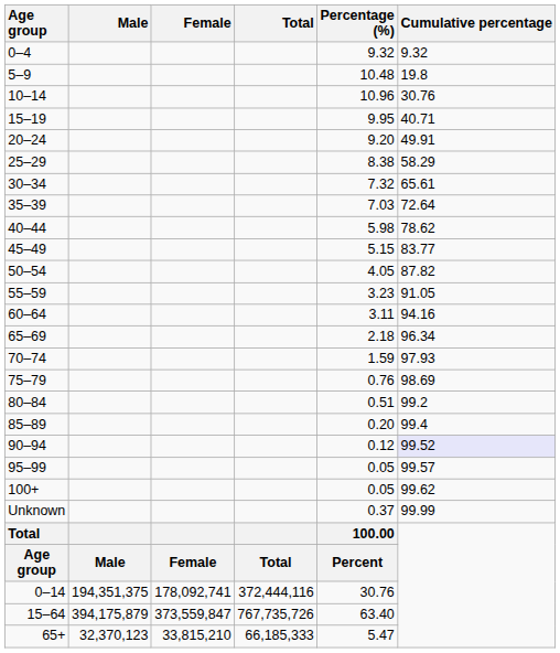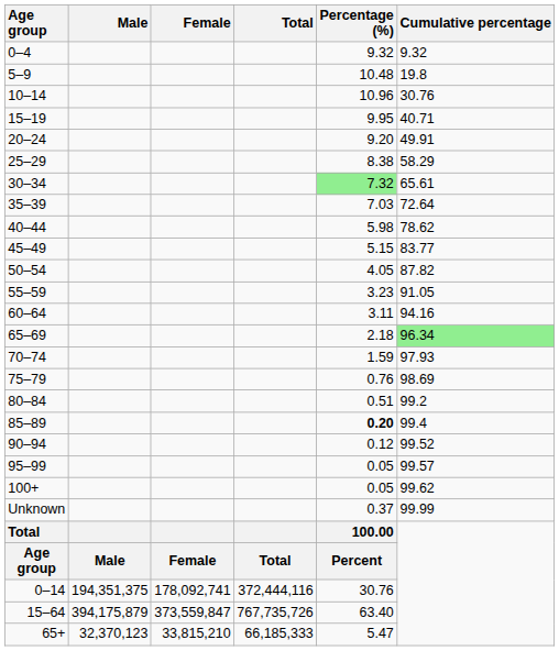 <table class="wikitable sortable">
 <tr>
 <th scope="col" style="text-align: left;">Age group</th>
 <th scope="col" style="text-align: right;" data-sort-type="number">Male</th>
 <th scope="col" style="text-align: right;" data-sort-type="number">Female</th>
 <th scope="col" style="text-align: right;" data-sort-type="number">Total</th>
 <th scope="col" style="text-align: right;" data-sort-type="number">Percentage (%)</th>
 <th>Cumulative percentage</th>
 </tr>
 <tr>
 <td>0–4</td>
 <td style="text-align: right;"></td>
 <td style="text-align: right;"></td>
 <td style="text-align: right;"></td>
 <td style="text-align: right;">9.32</td>
 <td>9.32</td>
 </tr>
 <tr>
 <td>5–9</td>
 <td style="text-align: right;"></td>
 <td style="text-align: right;"></td>
 <td style="text-align: right;"></td>
 <td style="text-align: right;">10.48</td>
 <td>19.8</td>
 </tr>
 <tr>
 <td>10–14</td>
 <td style="text-align: right;"></td>
 <td style="text-align: right;"></td>
 <td style="text-align: right;"></td>
 <td style="text-align: right;">10.96</td>
 <td>30.76</td>
 </tr>
 <tr>
 <td>15–19</td>
 <td style="text-align: right;"></td>
 <td style="text-align: right;"></td>
 <td style="text-align: right;"></td>
 <td style="text-align: right;">9.95</td>
 <td>40.71</td>
 </tr>
 <tr>
 <td>20–24</td>
 <td style="text-align: right;"></td>
 <td style="text-align: right;"></td>
 <td style="text-align: right;"></td>
 <td style="text-align: right;">9.20</td>
 <td>49.91</td>
 </tr>
 <tr>
 <td>25–29</td>
 <td style="text-align: right;"></td>
 <td style="text-align: right;"></td>
 <td style="text-align: right;"></td>
 <td style="text-align: right;">8.38</td>
 <td>58.29</td>
 </tr>
 <tr>
 <td>30–34</td>
 <td style="text-align: right;"></td>
 <td style="text-align: right;"></td>
 <td style="text-align: right;"></td>
-<td style="text-align: right;">7.32</td>
+<td style="background: lightgreen; text-align: right;">7.32</td>
 <td>65.61</td>
 </tr>
 <tr>
 <td>35–39</td>
 <td style="text-align: right;"></td>
 <td style="text-align: right;"></td>
 <td style="text-align: right;"></td>
 <td style="text-align: right;">7.03</td>
 <td>72.64</td>
 </tr>
 <tr>
 <td>40–44</td>
 <td style="text-align: right;"></td>
 <td style="text-align: right;"></td>
 <td style="text-align: right;"></td>
 <td style="text-align: right;">5.98</td>
 <td>78.62</td>
 </tr>
 <tr>
 <td>45–49</td>
 <td style="text-align: right;"></td>
 <td style="text-align: right;"></td>
 <td style="text-align: right;"></td>
 <td style="text-align: right;">5.15</td>
 <td>83.77</td>
 </tr>
 <tr>
 <td>50–54</td>
 <td style="text-align: right;"></td>
 <td style="text-align: right;"></td>
 <td style="text-align: right;"></td>
 <td style="text-align: right;">4.05</td>
 <td>87.82</td>
 </tr>
 <tr>
 <td>55–59</td>
 <td style="text-align: right;"></td>
 <td style="text-align: right;"></td>
 <td style="text-align: right;"></td>
 <td style="text-align: right;">3.23</td>
 <td>91.05</td>
 </tr>
 <tr>
 <td>60–64</td>
 <td style="text-align: right;"></td>
 <td style="text-align: right;"></td>
 <td style="text-align: right;"></td>
 <td style="text-align: right;">3.11</td>
 <td>94.16</td>
 </tr>
 <tr>
 <td>65–69</td>
 <td style="text-align: right;"></td>
 <td style="text-align: right;"></td>
 <td style="text-align: right;"></td>
 <td style="text-align: right;">2.18</td>
-<td>96.34</td>
+<td style="background: lightgreen;">96.34</td>
 </tr>
 <tr>
 <td>70–74</td>
 <td style="text-align: right;"></td>
 <td style="text-align: right;"></td>
 <td style="text-align: right;"></td>
 <td style="text-align: right;">1.59</td>
 <td>97.93</td>
 </tr>
 <tr>
 <td>75–79</td>
 <td style="text-align: right;"></td>
 <td style="text-align: right;"></td>
 <td style="text-align: right;"></td>
 <td style="text-align: right;">0.76</td>
 <td>98.69</td>
 </tr>
 <tr>
 <td>80–84</td>
 <td style="text-align: right;"></td>
 <td style="text-align: right;"></td>
 <td style="text-align: right;"></td>
 <td style="text-align: right;">0.51</td>
 <td>99.2</td>
 </tr>
 <tr>
 <td>85–89</td>
 <td style="text-align: right;"></td>
 <td style="text-align: right;"></td>
 <td style="text-align: right;"></td>
-<td style="text-align: right;">0.20</td>
+<td style="text-align: right;"><strong>0.20</strong></td>
 <td>99.4</td>
 </tr>
 <tr>
 <td>90–94</td>
 <td style="text-align: right;"></td>
 <td style="text-align: right;"></td>
 <td style="text-align: right;"></td>
 <td style="text-align: right;">0.12</td>
-<td style="background: lavender;">99.52</td>
+<td>99.52</td>
 </tr>
 <tr>
 <td>95–99</td>
 <td style="text-align: right;"></td>
 <td style="text-align: right;"></td>
 <td style="text-align: right;"></td>
 <td style="text-align: right;">0.05</td>
 <td>99.57</td>
 </tr>
 <tr>
 <td>100+</td>
 <td style="text-align: right;"></td>
 <td style="text-align: right;"></td>
 <td style="text-align: right;"></td>
 <td style="text-align: right;">0.05</td>
 <td>99.62</td>
 </tr>
 <tr>
 <td>Unknown</td>
 <td style="text-align: right;"></td>
 <td style="text-align: right;"></td>
 <td style="text-align: right;"></td>
 <td style="text-align: right;">0.37</td>
 <td>99.99</td>
 </tr>
 <tr>
 <th style="text-align: left;">Total</th>
 <th style="text-align: right;"></th>
 <th style="text-align: right;"></th>
 <th style="text-align: right;"></th>
 <th style="text-align: right;">100.00</th>
 </tr>
 <tr>
 <th width="50">Age group</th>
 <th width="80pt">Male</th>
 <th width="80">Female</th>
 <th width="80">Total</th>
 <th width="50">Percent</th>
 </tr>
 <tr>
 <td align="right">0–14</td>
 <td align="right">194,351,375</td>
 <td align="right">178,092,741</td>
 <td align="right">372,444,116</td>
 <td align="right">30.76</td>
 </tr>
 <tr>
 <td align="right">15–64</td>
 <td align="right">394,175,879</td>
 <td align="right">373,559,847</td>
 <td align="right">767,735,726</td>
 <td align="right">63.40</td>
 </tr>
 <tr>
 <td align="right">65+</td>
 <td align="right">32,370,123</td>
 <td align="right">33,815,210</td>
 <td align="right">66,185,333</td>
 <td align="right">5.47</td>
 </tr>
 </table>
